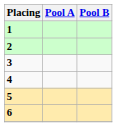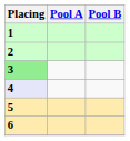 <table class=wikitable style="border:1px solid #AAAAAA;">
 <tr>
 <th>Placing</th>
 <th><a href='#'>Pool A</a></th>
 <th><a href='#'>Pool B</a></th>
 </tr>
 <tr style="background: #ccffcc;">
 <td><strong>1</strong></td>
 <td></td>
 <td></td>
 </tr>
 <tr style="background: #ccffcc;">
 <td><strong>2</strong></td>
 <td></td>
 <td></td>
 </tr>
 <tr>
-<td><strong>3</strong></td>
+<td style="background: lightgreen;"><strong>3</strong></td>
 <td></td>
 <td></td>
 </tr>
 <tr>
-<td><strong>4</strong></td>
+<td style="background: lavender;"><strong>4</strong></td>
 <td></td>
 <td></td>
 </tr>
 <tr style="background: #ffebad;">
 <td><strong>5</strong></td>
 <td></td>
 <td></td>
 </tr>
 <tr style="background: #ffebad;">
 <td><strong>6</strong></td>
 <td></td>
 <td></td>
 </tr>
 <tr>
 </tr>
 </table>
